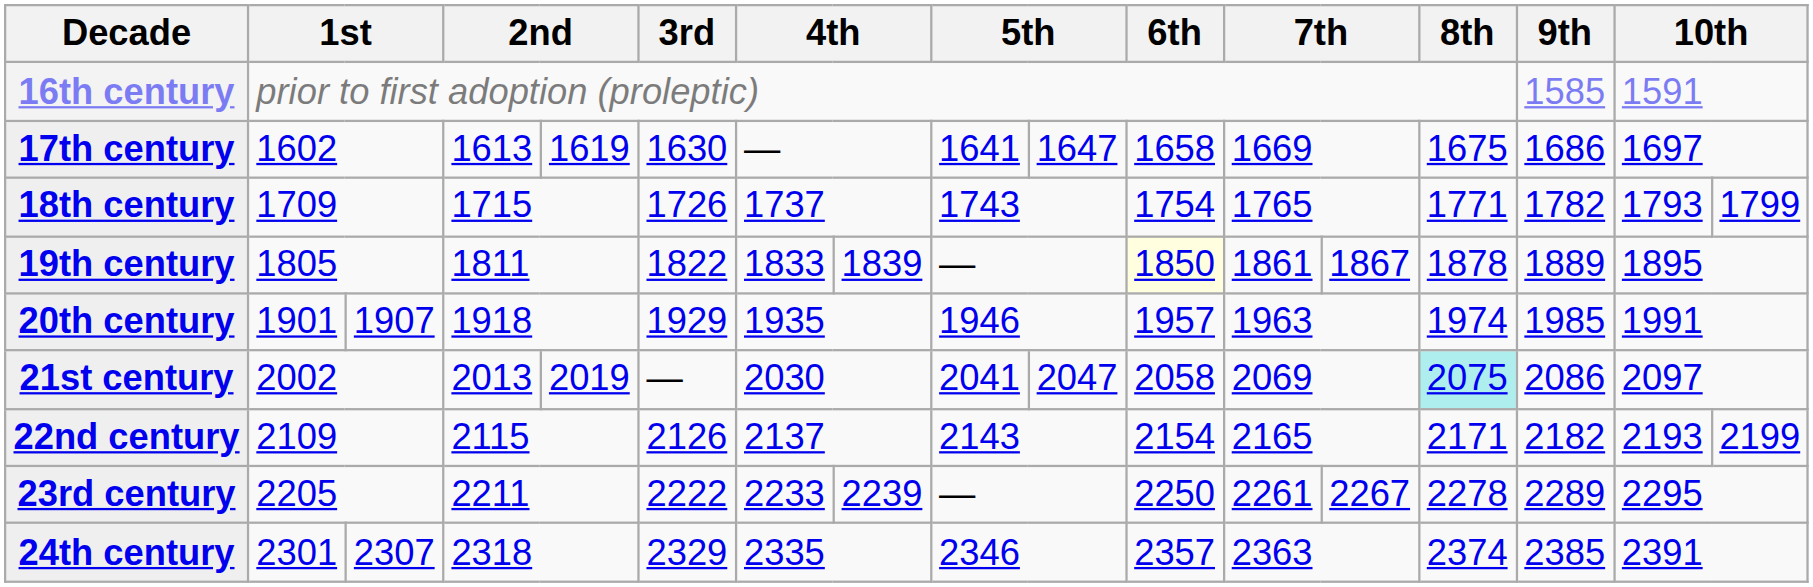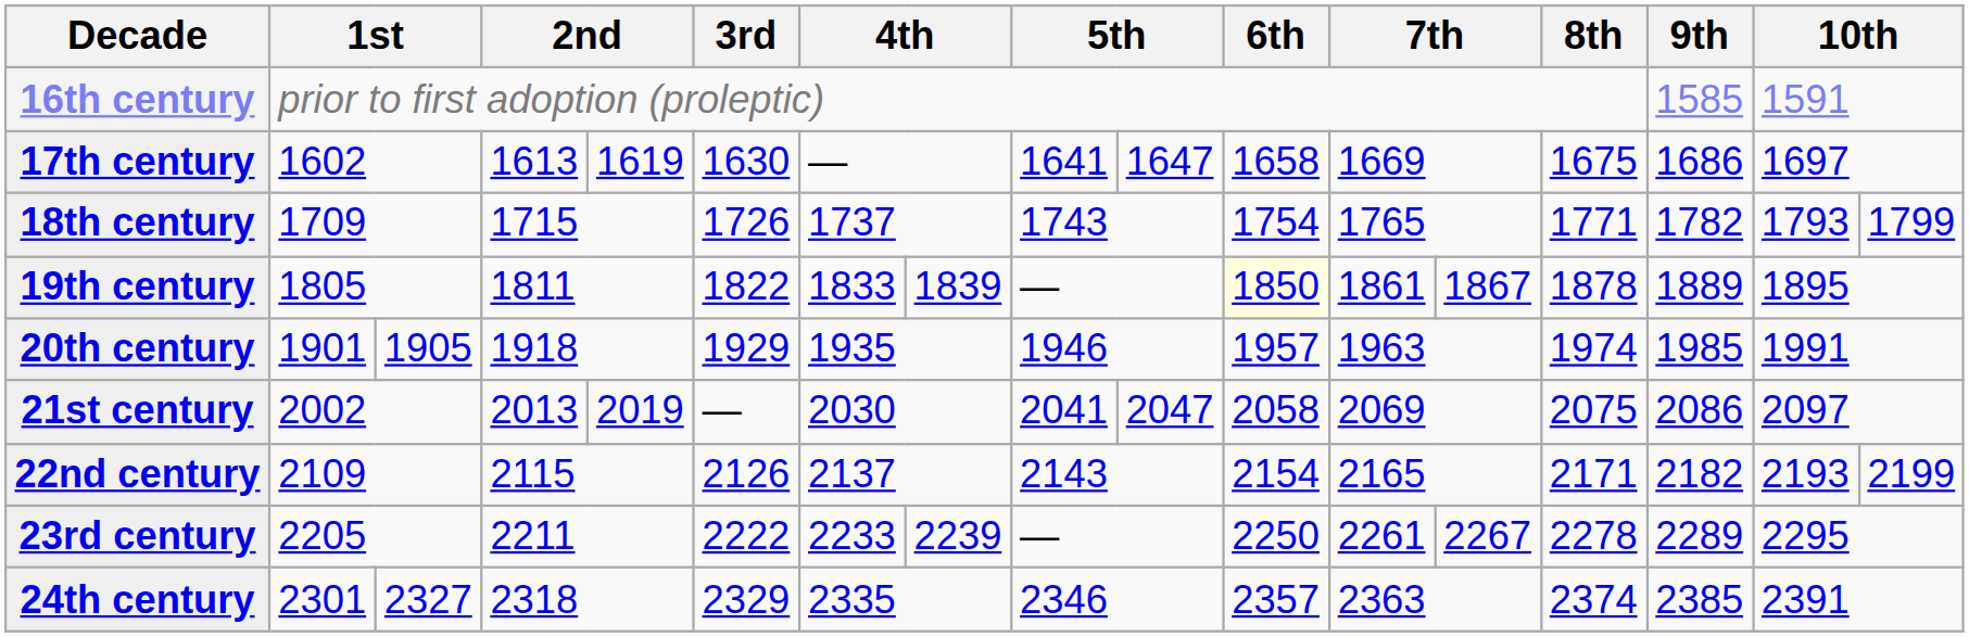 <table class="wikitable">
 <tr>
 <th scope=row>Decade</th>
 <th colspan=2>1st</th>
 <th colspan=2>2nd</th>
 <th>3rd</th>
 <th colspan=2>4th</th>
 <th colspan=2>5th</th>
 <th>6th</th>
 <th colspan=2>7th</th>
 <th>8th</th>
 <th>9th</th>
 <th colspan=2>10th</th>
 </tr>
 <tr style="opacity: 0.5;">
 <th style="background-color:#efefef;"><a href='#'>16th century</a></th>
 <td colspan="13"><em>prior to first adoption (proleptic)</em></td>
 <td><a href='#'>1585</a></td>
 <td colspan=2><a href='#'>1591</a></td>
 </tr>
 <tr>
 <th style="background-color:#efefef;"><a href='#'>17th century</a></th>
 <td colspan=2><a href='#'>1602</a></td>
 <td><a href='#'>1613</a></td>
 <td><a href='#'>1619</a></td>
 <td><a href='#'>1630</a></td>
 <td colspan=2>—</td>
 <td><a href='#'>1641</a></td>
 <td><a href='#'>1647</a></td>
 <td><a href='#'>1658</a></td>
 <td colspan=2><a href='#'>1669</a></td>
 <td><a href='#'>1675</a></td>
 <td><a href='#'>1686</a></td>
 <td colspan=2><a href='#'>1697</a></td>
 </tr>
 <tr>
 <th style="background-color:#efefef;"><a href='#'>18th century</a></th>
 <td colspan=2><a href='#'>1709</a></td>
 <td colspan=2><a href='#'>1715</a></td>
 <td><a href='#'>1726</a></td>
 <td colspan=2><a href='#'>1737</a></td>
 <td colspan=2><a href='#'>1743</a></td>
 <td><a href='#'>1754</a></td>
 <td colspan=2><a href='#'>1765</a></td>
 <td><a href='#'>1771</a></td>
 <td><a href='#'>1782</a></td>
 <td><a href='#'>1793</a></td>
 <td><a href='#'>1799</a></td>
 </tr>
 <tr>
 <th style="background-color:#efefef;"><a href='#'>19th century</a></th>
 <td colspan=2><a href='#'>1805</a></td>
 <td colspan=2><a href='#'>1811</a></td>
 <td><a href='#'>1822</a></td>
 <td><a href='#'>1833</a></td>
 <td><a href='#'>1839</a></td>
 <td colspan=2>—</td>
 <td style="background: lightyellow;"><a href='#'>1850</a></td>
 <td><a href='#'>1861</a></td>
 <td><a href='#'>1867</a></td>
 <td><a href='#'>1878</a></td>
 <td><a href='#'>1889</a></td>
 <td colspan=2><a href='#'>1895</a></td>
 </tr>
 <tr>
 <th style="background-color:#efefef;"><a href='#'>20th century</a></th>
 <td><a href='#'>1901</a></td>
-<td><a href='#'>1907</a></td>
+<td><a href='#'>1905</a></td>
 <td colspan=2><a href='#'>1918</a></td>
 <td><a href='#'>1929</a></td>
 <td colspan=2><a href='#'>1935</a></td>
 <td colspan=2><a href='#'>1946</a></td>
 <td><a href='#'>1957</a></td>
 <td colspan=2><a href='#'>1963</a></td>
 <td><a href='#'>1974</a></td>
 <td><a href='#'>1985</a></td>
 <td colspan=2><a href='#'>1991</a></td>
 </tr>
 <tr>
 <th style="background-color:#efefef;"><a href='#'>21st century</a></th>
 <td colspan=2><a href='#'>2002</a></td>
 <td><a href='#'>2013</a></td>
 <td><a href='#'>2019</a></td>
 <td>—</td>
 <td colspan=2><a href='#'>2030</a></td>
 <td><a href='#'>2041</a></td>
 <td><a href='#'>2047</a></td>
 <td><a href='#'>2058</a></td>
 <td colspan=2><a href='#'>2069</a></td>
-<td style="background: paleturquoise;"><a href='#'>2075</a></td>
+<td><a href='#'>2075</a></td>
 <td><a href='#'>2086</a></td>
 <td colspan=2><a href='#'>2097</a></td>
 </tr>
 <tr>
 <th style="background-color:#efefef;"><a href='#'>22nd century</a></th>
 <td colspan=2><a href='#'>2109</a></td>
 <td colspan=2><a href='#'>2115</a></td>
 <td><a href='#'>2126</a></td>
 <td colspan=2><a href='#'>2137</a></td>
 <td colspan=2><a href='#'>2143</a></td>
 <td><a href='#'>2154</a></td>
 <td colspan=2><a href='#'>2165</a></td>
 <td><a href='#'>2171</a></td>
 <td><a href='#'>2182</a></td>
 <td><a href='#'>2193</a></td>
 <td><a href='#'>2199</a></td>
 </tr>
 <tr>
 <th style="background-color:#efefef;"><a href='#'>23rd century</a></th>
 <td colspan=2><a href='#'>2205</a></td>
 <td colspan=2><a href='#'>2211</a></td>
 <td><a href='#'>2222</a></td>
 <td><a href='#'>2233</a></td>
 <td><a href='#'>2239</a></td>
 <td colspan=2>—</td>
 <td><a href='#'>2250</a></td>
 <td><a href='#'>2261</a></td>
 <td><a href='#'>2267</a></td>
 <td><a href='#'>2278</a></td>
 <td><a href='#'>2289</a></td>
 <td colspan=2><a href='#'>2295</a></td>
 </tr>
 <tr>
 <th style="background-color:#efefef;"><a href='#'>24th century</a></th>
 <td><a href='#'>2301</a></td>
-<td><a href='#'>2307</a></td>
+<td><a href='#'>2327</a></td>
 <td colspan=2><a href='#'>2318</a></td>
 <td><a href='#'>2329</a></td>
 <td colspan=2><a href='#'>2335</a></td>
 <td colspan=2><a href='#'>2346</a></td>
 <td><a href='#'>2357</a></td>
 <td colspan=2><a href='#'>2363</a></td>
 <td><a href='#'>2374</a></td>
 <td><a href='#'>2385</a></td>
 <td colspan=2><a href='#'>2391</a></td>
 </tr>
 </table>
